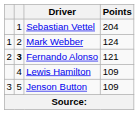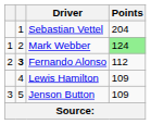 <table class="wikitable" style="font-size: 85%;">
 <tr>
 <th></th>
 <th></th>
 <th>Driver</th>
 <th>Points</th>
 </tr>
 <tr>
 <td align="left"></td>
 <td style="text-align:center;">1</td>
 <td> <a href='#'>Sebastian Vettel</a></td>
 <td style="text-align:left;">204</td>
 </tr>
 <tr>
 <td align="left"> 1</td>
 <td style="text-align:center;">2</td>
 <td> <a href='#'>Mark Webber</a></td>
-<td style="text-align:left;">124</td>
+<td style="background: lightgreen; text-align:left;">124</td>
 </tr>
 <tr>
 <td align="left"> 2</td>
 <td style="text-align:center;"><strong>3</strong></td>
 <td> <a href='#'>Fernando Alonso</a></td>
-<td style="text-align:left;">121</td>
+<td style="text-align:left;">112</td>
 </tr>
 <tr>
 <td align="left"></td>
 <td style="text-align:center;">4</td>
 <td> <a href='#'>Lewis Hamilton</a></td>
 <td style="text-align:left;">109</td>
 </tr>
 <tr>
 <td align="left"> 3</td>
 <td style="text-align:center;">5</td>
 <td> <a href='#'>Jenson Button</a></td>
 <td style="text-align:left;">109</td>
 </tr>
 <tr>
 <th colspan=4>Source: </th>
 </tr>
 </table>
